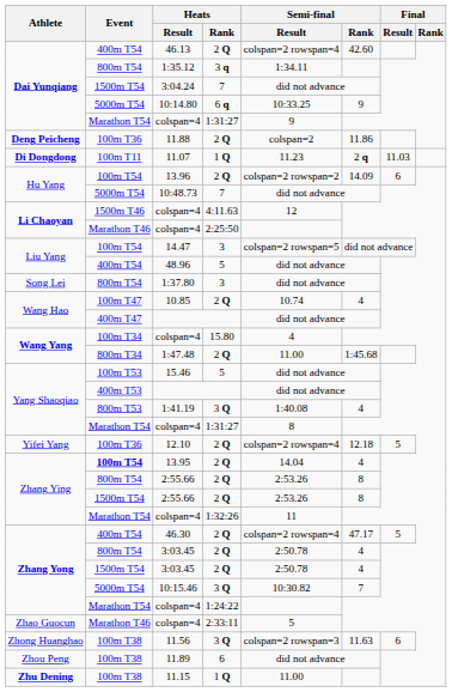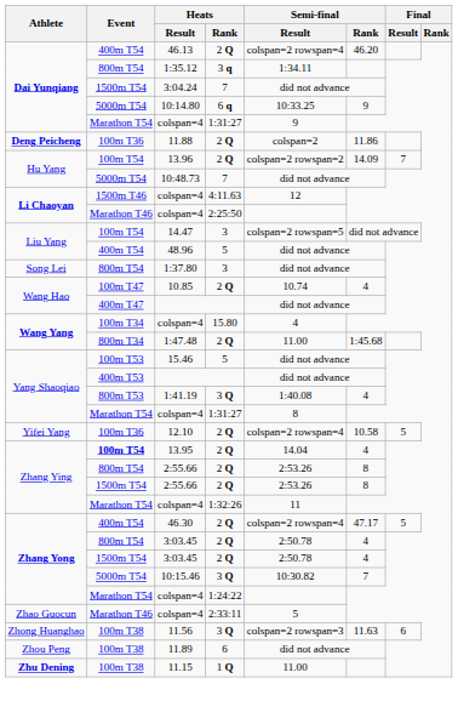 <table class=wikitable style="text-align: center; font-size:90%">
 <tr>
 <th rowspan="2">Athlete</th>
 <th rowspan="2">Event</th>
 <th colspan="2">Heats</th>
 <th colspan="2">Semi-final</th>
 <th colspan="2">Final</th>
 </tr>
 <tr>
 <th>Result</th>
 <th>Rank</th>
 <th>Result</th>
 <th>Rank</th>
 <th>Result</th>
 <th>Rank</th>
 </tr>
 <tr>
 <td rowspan=5><strong><a href='#'>Dai Yunqiang</a></strong></td>
 <td><a href='#'>400m T54</a></td>
 <td>46.13</td>
 <td>2 <strong>Q</strong></td>
 <td>colspan=2 rowspan=4 </td>
-<td>42.60</td>
+<td>46.20</td>
 <td></td>
 </tr>
 <tr>
 <td><a href='#'>800m T54</a></td>
 <td>1:35.12</td>
 <td>3 <strong>q</strong></td>
 <td>1:34.11</td>
 <td></td>
 </tr>
 <tr>
 <td><a href='#'>1500m T54</a></td>
 <td>3:04.24</td>
 <td>7</td>
 <td colspan=2>did not advance</td>
 </tr>
 <tr>
 <td><a href='#'>5000m T54</a></td>
 <td>10:14.80</td>
 <td>6 <strong>q</strong></td>
 <td>10:33.25</td>
 <td>9</td>
 </tr>
 <tr>
 <td><a href='#'>Marathon T54</a></td>
 <td>colspan=4 </td>
 <td>1:31:27</td>
 <td>9</td>
 </tr>
 <tr>
 <td><strong><a href='#'>Deng Peicheng</a></strong></td>
 <td><a href='#'>100m T36</a></td>
 <td>11.88</td>
 <td>2 <strong>Q</strong></td>
 <td>colspan=2 </td>
 <td>11.86</td>
 <td></td>
 </tr>
 <tr>
-<td><strong><a href='#'>Di Dongdong</a></strong></td>
-<td><a href='#'>100m T11</a></td>
-<td>11.07</td>
-<td>1 <strong>Q</strong></td>
-<td>11.23</td>
-<td>2 <strong>q</strong></td>
-<td>11.03</td>
-<td></td>
-</tr>
-<tr>
 <td rowspan=2><a href='#'>Hu Yang</a></td>
 <td><a href='#'>100m T54</a></td>
 <td>13.96</td>
 <td>2 <strong>Q</strong></td>
 <td>colspan=2 rowspan=2 </td>
 <td>14.09</td>
-<td>6</td>
+<td>7</td>
 </tr>
 <tr>
 <td><a href='#'>5000m T54</a></td>
 <td>10:48.73</td>
 <td>7</td>
 <td colspan=2>did not advance</td>
 </tr>
 <tr>
 <td rowspan=2><strong><a href='#'>Li Chaoyan</a></strong></td>
 <td><a href='#'>1500m T46</a></td>
 <td>colspan=4 </td>
 <td>4:11.63</td>
 <td>12</td>
 </tr>
 <tr>
 <td><a href='#'>Marathon T46</a></td>
 <td>colspan=4 </td>
 <td>2:25:50 </td>
 <td></td>
 </tr>
 <tr>
 <td rowspan=2><a href='#'>Liu Yang</a></td>
 <td><a href='#'>100m T54</a></td>
 <td>14.47</td>
 <td>3</td>
 <td>colspan=2 rowspan=5 </td>
 <td colspan=2>did not advance</td>
 </tr>
 <tr>
 <td><a href='#'>400m T54</a></td>
 <td>48.96</td>
 <td>5</td>
 <td colspan=2>did not advance</td>
 </tr>
 <tr>
 <td><a href='#'>Song Lei</a></td>
 <td><a href='#'>800m T54</a></td>
 <td>1:37.80</td>
 <td>3</td>
 <td colspan=2>did not advance</td>
 </tr>
 <tr>
 <td rowspan=2><a href='#'>Wang Hao</a></td>
 <td><a href='#'>100m T47</a></td>
 <td>10.85</td>
 <td>2 <strong>Q</strong></td>
 <td>10.74</td>
 <td>4</td>
 </tr>
 <tr>
 <td><a href='#'>400m T47</a></td>
 <td colspan=2></td>
 <td colspan=2>did not advance</td>
 </tr>
 <tr>
 <td rowspan=2><strong><a href='#'>Wang Yang</a></strong></td>
 <td><a href='#'>100m T34</a></td>
 <td>colspan=4 </td>
 <td>15.80</td>
 <td>4</td>
 </tr>
 <tr>
 <td><a href='#'>800m T34</a></td>
 <td>1:47.48</td>
 <td>2 <strong>Q</strong></td>
 <td>11.00</td>
 <td>1:45.68</td>
 <td></td>
 </tr>
 <tr>
 <td rowspan=4><a href='#'>Yang Shaoqiao</a></td>
 <td><a href='#'>100m T53</a></td>
 <td>15.46</td>
 <td>5</td>
 <td colspan=2>did not advance</td>
 </tr>
 <tr>
 <td><a href='#'>400m T53</a></td>
 <td colspan=2></td>
 <td colspan=2>did not advance</td>
 </tr>
 <tr>
 <td><a href='#'>800m T53</a></td>
 <td>1:41.19</td>
 <td>3 <strong>Q</strong></td>
 <td>1:40.08</td>
 <td>4</td>
 </tr>
 <tr>
 <td><a href='#'>Marathon T54</a></td>
 <td>colspan=4 </td>
 <td>1:31:27</td>
 <td>8</td>
 </tr>
 <tr>
 <td><a href='#'>Yifei Yang</a></td>
 <td><a href='#'>100m T36</a></td>
 <td>12.10</td>
 <td>2 <strong>Q</strong></td>
 <td>colspan=2 rowspan=4 </td>
-<td>12.18</td>
+<td>10.58</td>
 <td>5</td>
 </tr>
 <tr>
 <td rowspan=4><a href='#'>Zhang Ying</a></td>
 <td><strong><a href='#'>100m T54</a></strong></td>
 <td>13.95</td>
 <td>2 <strong>Q</strong></td>
 <td>14.04</td>
 <td>4</td>
 </tr>
 <tr>
 <td><a href='#'>800m T54</a></td>
 <td>2:55.66</td>
 <td>2 <strong>Q</strong></td>
 <td>2:53.26</td>
 <td>8</td>
 </tr>
 <tr>
 <td><a href='#'>1500m T54</a></td>
 <td>2:55.66</td>
 <td>2 <strong>Q</strong></td>
 <td>2:53.26</td>
 <td>8</td>
 </tr>
 <tr>
 <td><a href='#'>Marathon T54</a></td>
 <td>colspan=4 </td>
 <td>1:32:26</td>
 <td>11</td>
 </tr>
 <tr>
 <td rowspan=5><strong><a href='#'>Zhang Yong</a></strong></td>
 <td><a href='#'>400m T54</a></td>
 <td>46.30</td>
 <td>2 <strong>Q</strong></td>
 <td>colspan=2 rowspan=4 </td>
 <td>47.17</td>
 <td>5</td>
 </tr>
 <tr>
 <td><a href='#'>800m T54</a></td>
 <td>3:03.45</td>
 <td>2 <strong>Q</strong></td>
 <td>2:50.78</td>
 <td>4</td>
 </tr>
 <tr>
 <td><a href='#'>1500m T54</a></td>
 <td>3:03.45</td>
 <td>2 <strong>Q</strong></td>
 <td>2:50.78</td>
 <td>4</td>
 </tr>
 <tr>
 <td><a href='#'>5000m T54</a></td>
 <td>10:15.46</td>
 <td>3 <strong>Q</strong></td>
 <td>10:30.82</td>
 <td>7</td>
 </tr>
 <tr>
 <td><a href='#'>Marathon T54</a></td>
 <td>colspan=4 </td>
 <td>1:24:22</td>
 <td></td>
 </tr>
 <tr>
 <td><a href='#'>Zhao Guocun</a></td>
 <td><a href='#'>Marathon T46</a></td>
 <td>colspan=4 </td>
 <td>2:33:11</td>
 <td>5</td>
 </tr>
 <tr>
 <td><a href='#'>Zhong Huanghao</a></td>
 <td><a href='#'>100m T38</a></td>
 <td>11.56</td>
 <td>3 <strong>Q</strong></td>
 <td>colspan=2 rowspan=3 </td>
 <td>11.63</td>
 <td>6</td>
 </tr>
 <tr>
 <td><a href='#'>Zhou Peng</a></td>
 <td><a href='#'>100m T38</a></td>
 <td>11.89</td>
 <td>6</td>
 <td colspan=2>did not advance</td>
 </tr>
 <tr>
 <td><strong><a href='#'>Zhu Dening</a></strong></td>
 <td><a href='#'>100m T38</a></td>
 <td>11.15</td>
 <td>1 <strong>Q</strong></td>
 <td>11.00</td>
 <td></td>
 </tr>
 </table>
